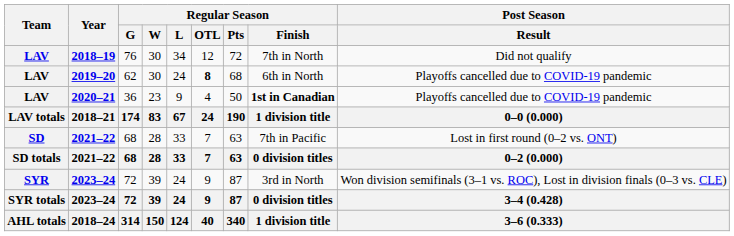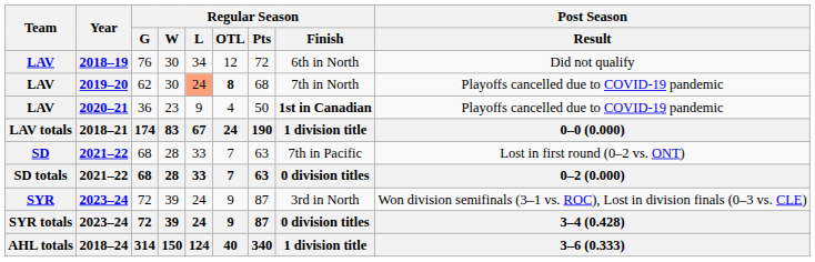 <table class="wikitable" style="font-size: 95%; text-align:center;">
 <tr>
 <th rowspan="2">Team</th>
 <th rowspan="2">Year</th>
 <th colspan="6">Regular Season</th>
 <th colspan="1">Post Season</th>
 </tr>
 <tr>
 <th>G</th>
 <th>W</th>
 <th>L</th>
 <th>OTL</th>
 <th>Pts</th>
 <th>Finish</th>
 <th>Result</th>
 </tr>
 <tr>
 <th><a href='#'>LAV</a></th>
 <th><a href='#'>2018–19</a></th>
 <td>76</td>
 <td>30</td>
 <td>34</td>
 <td>12</td>
 <td>72</td>
-<td>7th in North</td>
+<td>6th in North</td>
 <td>Did not qualify</td>
 </tr>
 <tr>
 <th Laval Rocket>LAV</th>
 <th><a href='#'>2019–20</a></th>
 <td>62</td>
 <td>30</td>
-<td>24</td>
+<td style="background: lightsalmon;">24</td>
 <td><strong>8</strong></td>
 <td>68</td>
-<td>6th in North</td>
+<td>7th in North</td>
 <td>Playoffs cancelled due to <a href='#'>COVID-19</a> pandemic</td>
 </tr>
 <tr>
 <th Laval Rocket>LAV</th>
 <th><a href='#'>2020–21</a></th>
 <td>36</td>
 <td>23</td>
 <td>9</td>
 <td>4</td>
 <td>50</td>
 <td><strong>1st in Canadian</strong></td>
 <td>Playoffs cancelled due to <a href='#'>COVID-19</a> pandemic</td>
 </tr>
 <tr align="centre" bgcolor="#dddddd">
 <th>LAV totals</th>
 <th>2018–21</th>
 <th>174</th>
 <th>83</th>
 <th>67</th>
 <th>24</th>
 <th>190</th>
 <th>1 division title</th>
 <th>0–0 (0.000)</th>
 </tr>
 <tr>
 <th><a href='#'>SD</a></th>
 <th><a href='#'>2021–22</a></th>
 <td>68</td>
 <td>28</td>
 <td>33</td>
 <td>7</td>
 <td>63</td>
 <td>7th in Pacific</td>
 <td>Lost in first round (0–2 vs. <a href='#'>ONT</a>)</td>
 </tr>
 <tr align="centre" bgcolor="#dddddd">
 <th>SD totals</th>
 <th>2021–22</th>
 <th>68</th>
 <th>28</th>
 <th>33</th>
 <th>7</th>
 <th>63</th>
 <th>0 division titles</th>
 <th>0–2 (0.000)</th>
 </tr>
 <tr>
 <th><a href='#'>SYR</a></th>
 <th><a href='#'>2023–24</a></th>
 <td>72</td>
 <td>39</td>
 <td>24</td>
 <td>9</td>
 <td>87</td>
 <td>3rd in North</td>
 <td>Won division semifinals (3–1 vs. <a href='#'>ROC</a>), Lost in division finals (0–3 vs. <a href='#'>CLE</a>)</td>
 </tr>
 <tr align="centre" bgcolor="#dddddd">
 <th>SYR totals</th>
 <th>2023–24</th>
 <th>72</th>
 <th>39</th>
 <th>24</th>
 <th>9</th>
 <th>87</th>
 <th>0 division titles</th>
 <th>3–4 (0.428)</th>
 </tr>
 <tr align="centre" bgcolor="#dddddd">
 <th>AHL totals</th>
 <th>2018–24</th>
 <th>314</th>
 <th>150</th>
 <th>124</th>
 <th>40</th>
 <th>340</th>
 <th>1 division title</th>
 <th>3–6 (0.333)</th>
 </tr>
 </table>
